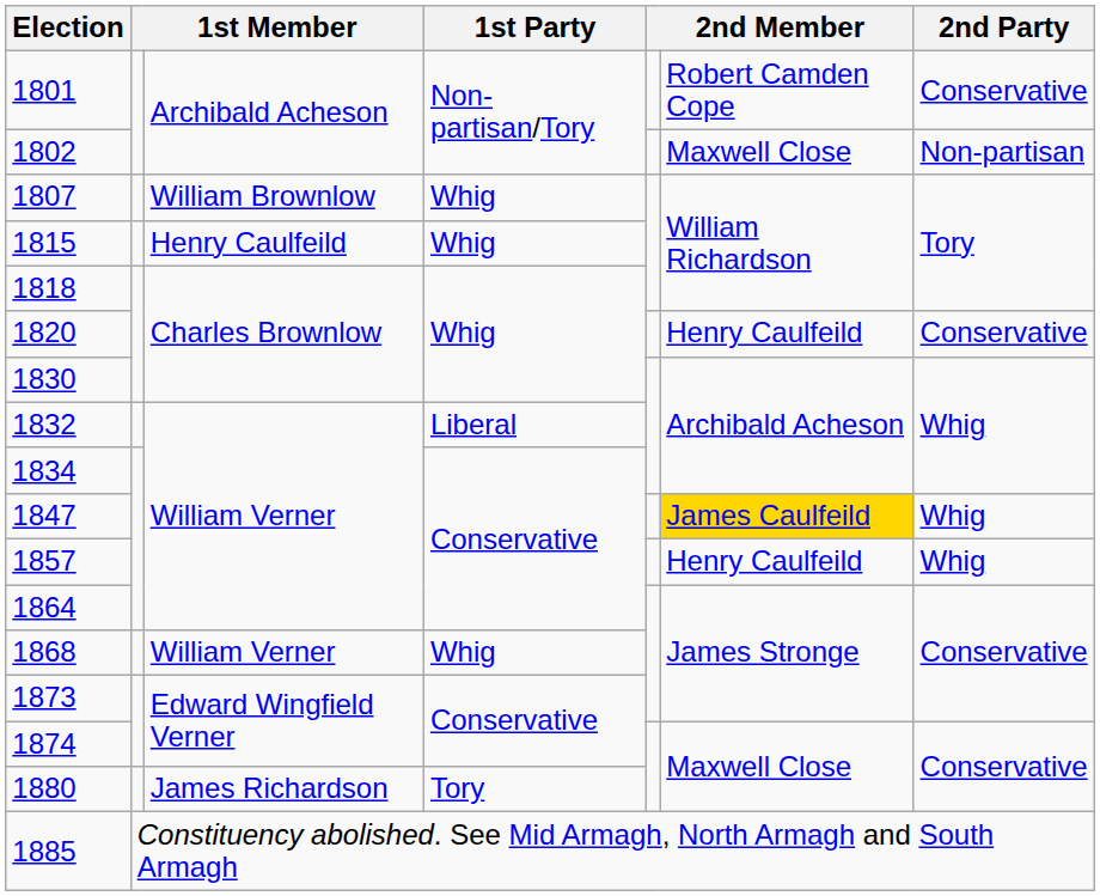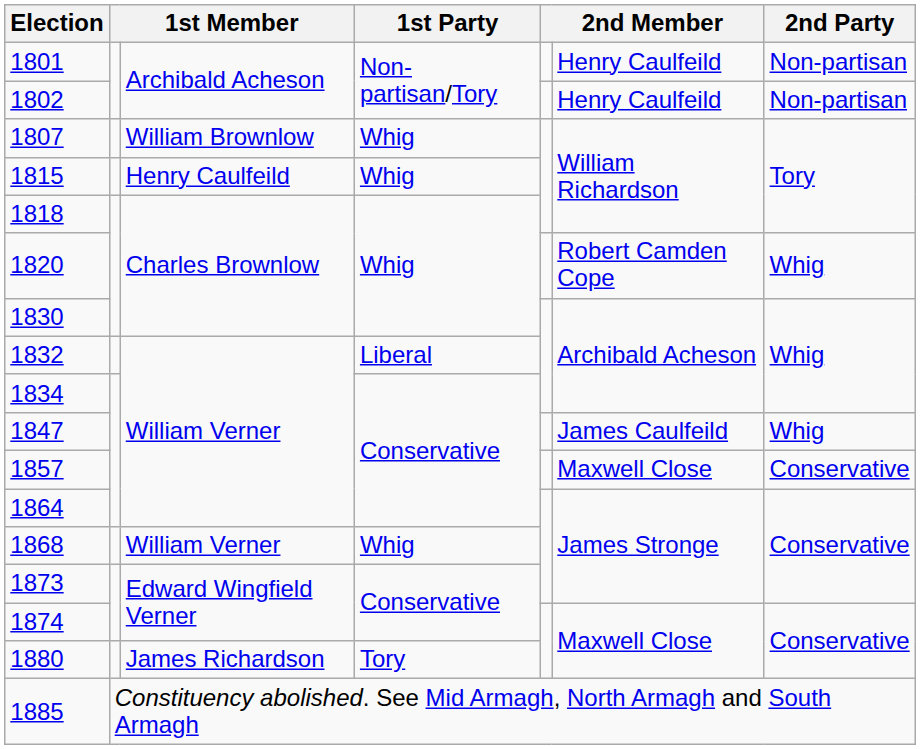 <table class="wikitable">
 <tr>
 <th>Election</th>
 <th colspan="2">1st Member</th>
 <th>1st Party</th>
 <th colspan="2">2nd Member</th>
 <th>2nd Party</th>
 </tr>
 <tr>
 <td><a href='#'>1801</a></td>
 <td rowspan="2" style="color:inherit;background-color: "></td>
 <td rowspan="2"><a href='#'>Archibald Acheson</a></td>
 <td rowspan="2"><a href='#'>Non-partisan</a>/<a href='#'>Tory</a></td>
 <td style="color:inherit;background-color: "></td>
-<td><a href='#'>Robert Camden Cope</a></td>
-<td><a href='#'>Conservative</a></td>
+<td><a href='#'>Henry Caulfeild</a></td>
+<td><a href='#'>Non-partisan</a></td>
 </tr>
 <tr>
 <td><a href='#'>1802</a></td>
 <td style="color:inherit;background-color: "></td>
-<td><a href='#'>Maxwell Close</a></td>
+<td><a href='#'>Henry Caulfeild</a></td>
 <td><a href='#'>Non-partisan</a></td>
 </tr>
 <tr>
 <td><a href='#'>1807</a></td>
 <td style="color:inherit;background-color: "></td>
 <td><a href='#'>William Brownlow</a></td>
 <td><a href='#'>Whig</a></td>
 <td rowspan="3" style="color:inherit;background-color: "></td>
 <td rowspan="3"><a href='#'>William Richardson</a></td>
 <td rowspan="3"><a href='#'>Tory</a></td>
 </tr>
 <tr>
 <td><a href='#'>1815</a></td>
 <td style="color:inherit;background-color: "></td>
 <td><a href='#'>Henry Caulfeild</a></td>
 <td><a href='#'>Whig</a></td>
 </tr>
 <tr>
 <td><a href='#'>1818</a></td>
 <td rowspan="3" style="color:inherit;background-color: "></td>
 <td rowspan="3"><a href='#'>Charles Brownlow</a></td>
 <td rowspan="3"><a href='#'>Whig</a></td>
 </tr>
 <tr>
 <td><a href='#'>1820</a></td>
 <td style="color:inherit;background-color: "></td>
-<td><a href='#'>Henry Caulfeild</a></td>
-<td><a href='#'>Conservative</a></td>
+<td><a href='#'>Robert Camden Cope</a></td>
+<td><a href='#'>Whig</a></td>
 </tr>
 <tr>
 <td><a href='#'>1830</a></td>
 <td rowspan="3" style="color:inherit;background-color: "></td>
 <td rowspan="3"><a href='#'>Archibald Acheson</a></td>
 <td rowspan="3"><a href='#'>Whig</a></td>
 </tr>
 <tr>
 <td><a href='#'>1832</a></td>
 <td style="color:inherit;background-color: "></td>
 <td rowspan="5"><a href='#'>William Verner</a></td>
 <td><a href='#'>Liberal</a></td>
 </tr>
 <tr>
 <td><a href='#'>1834</a></td>
 <td rowspan="4" style="color:inherit;background-color: "></td>
 <td rowspan="4"><a href='#'>Conservative</a></td>
 </tr>
 <tr>
 <td><a href='#'>1847</a></td>
 <td style="color:inherit;background-color: "></td>
-<td style="background: gold;"><a href='#'>James Caulfeild</a></td>
+<td><a href='#'>James Caulfeild</a></td>
 <td><a href='#'>Whig</a></td>
 </tr>
 <tr>
 <td><a href='#'>1857</a></td>
 <td style="color:inherit;background-color: "></td>
-<td><a href='#'>Henry Caulfeild</a></td>
-<td><a href='#'>Whig</a></td>
+<td><a href='#'>Maxwell Close</a></td>
+<td><a href='#'>Conservative</a></td>
 </tr>
 <tr>
 <td><a href='#'>1864</a></td>
 <td rowspan="3" style="color:inherit;background-color: "></td>
 <td rowspan="3"><a href='#'>James Stronge</a></td>
 <td rowspan="3"><a href='#'>Conservative</a></td>
 </tr>
 <tr>
 <td><a href='#'>1868</a></td>
 <td style="color:inherit;background-color: "></td>
 <td><a href='#'>William Verner</a></td>
 <td><a href='#'>Whig</a></td>
 </tr>
 <tr>
 <td><a href='#'>1873</a></td>
 <td rowspan="2" style="color:inherit;background-color: "></td>
 <td rowspan="2"><a href='#'>Edward Wingfield Verner</a></td>
 <td rowspan="2"><a href='#'>Conservative</a></td>
 </tr>
 <tr>
 <td><a href='#'>1874</a></td>
 <td rowspan="2" style="color:inherit;background-color: "></td>
 <td rowspan="2"><a href='#'>Maxwell Close</a></td>
 <td rowspan="2"><a href='#'>Conservative</a></td>
 </tr>
 <tr>
 <td><a href='#'>1880</a></td>
 <td style="color:inherit;background-color: "></td>
 <td><a href='#'>James Richardson</a></td>
 <td><a href='#'>Tory</a></td>
 </tr>
 <tr>
 <td><a href='#'>1885</a></td>
 <td colspan="6"><em>Constituency abolished</em>. See <a href='#'>Mid Armagh</a>, <a href='#'>North Armagh</a> and <a href='#'>South Armagh</a></td>
 </tr>
 </table>
